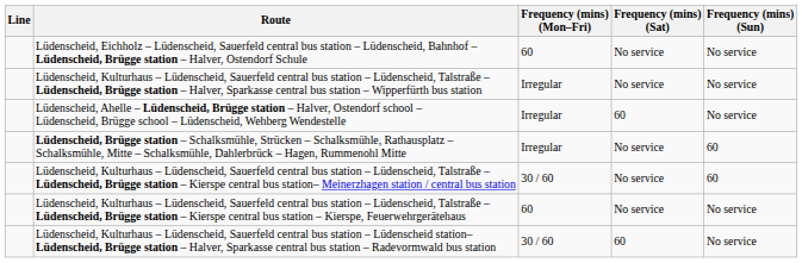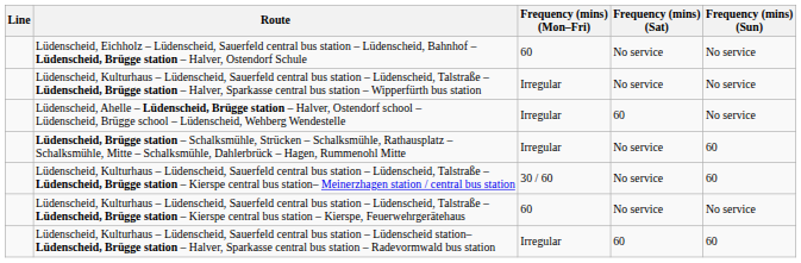 <table class="wikitable">
 <tr class="hintergrundfarbe5">
 <th>Line</th>
 <th>Route</th>
 <th>Frequency (mins)<br>(Mon–Fri)</th>
 <th>Frequency (mins)<br>(Sat)</th>
 <th>Frequency (mins)<br>(Sun)</th>
 </tr>
 <tr>
 <td></td>
 <td>Lüdenscheid, Eichholz – Lüdenscheid, Sauerfeld central bus station – Lüdenscheid, Bahnhof –<br><strong>Lüdenscheid, Brügge station</strong> – Halver, Ostendorf Schule</td>
 <td>60</td>
 <td>No service</td>
 <td>No service</td>
 </tr>
 <tr>
 <td></td>
 <td>Lüdenscheid, Kulturhaus – Lüdenscheid, Sauerfeld central bus station – Lüdenscheid, Talstraße –<br><strong>Lüdenscheid, Brügge station</strong> – Halver, Sparkasse central bus station – Wipperfürth bus station</td>
 <td>Irregular</td>
 <td>No service</td>
 <td>No service</td>
 </tr>
 <tr>
 <td></td>
 <td>Lüdenscheid, Ahelle – <strong>Lüdenscheid, Brügge station</strong> – Halver, Ostendorf school –<br>Lüdenscheid, Brügge school – Lüdenscheid, Wehberg Wendestelle</td>
 <td>Irregular</td>
 <td>60</td>
 <td>No service</td>
 </tr>
 <tr>
 <td></td>
 <td><strong>Lüdenscheid, Brügge station</strong> – Schalksmühle, Strücken – Schalksmühle, Rathausplatz –<br>Schalksmühle, Mitte – Schalksmühle, Dahlerbrück – Hagen, Rummenohl Mitte</td>
 <td>Irregular</td>
 <td>No service</td>
 <td>60</td>
 </tr>
 <tr>
 <td></td>
 <td>Lüdenscheid, Kulturhaus – Lüdenscheid, Sauerfeld central bus station – Lüdenscheid, Talstraße –<br><strong>Lüdenscheid, Brügge station</strong> – Kierspe central bus station– <a href='#'>Meinerzhagen station / central bus station</a></td>
 <td>30 / 60</td>
 <td>No service</td>
 <td>60</td>
 </tr>
 <tr>
 <td></td>
 <td>Lüdenscheid, Kulturhaus – Lüdenscheid, Sauerfeld central bus station – Lüdenscheid, Talstraße –<br><strong>Lüdenscheid, Brügge station</strong> – Kierspe central bus station – Kierspe, Feuerwehrgerätehaus</td>
 <td>60</td>
 <td>No service</td>
 <td>No service</td>
 </tr>
 <tr>
 <td></td>
 <td>Lüdenscheid, Kulturhaus – Lüdenscheid, Sauerfeld central bus station – Lüdenscheid station–<br><strong>Lüdenscheid, Brügge station </strong> – Halver, Sparkasse central bus station – Radevormwald bus station</td>
-<td>30 / 60</td>
+<td>Irregular</td>
 <td>60</td>
-<td>No service</td>
+<td>60</td>
 </tr>
 </table>
